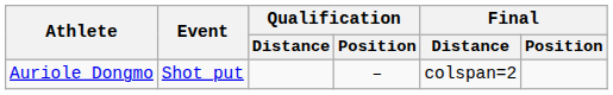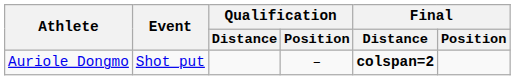 <table class="wikitable" style="font-size:90%">
 <tr>
 <th rowspan="2">Athlete</th>
 <th rowspan="2">Event</th>
 <th colspan="2">Qualification</th>
 <th colspan="2">Final</th>
 </tr>
 <tr style="font-size:95%">
 <th>Distance</th>
 <th>Position</th>
 <th>Distance</th>
 <th>Position</th>
 </tr>
 <tr style=text-align:center>
 <td style=text-align:left><a href='#'>Auriole Dongmo</a></td>
 <td style=text-align:left><a href='#'>Shot put</a></td>
 <td></td>
 <td>–</td>
-<td>colspan=2 </td>
+<td><strong>colspan=2 </strong></td>
 </tr>
 </table>
